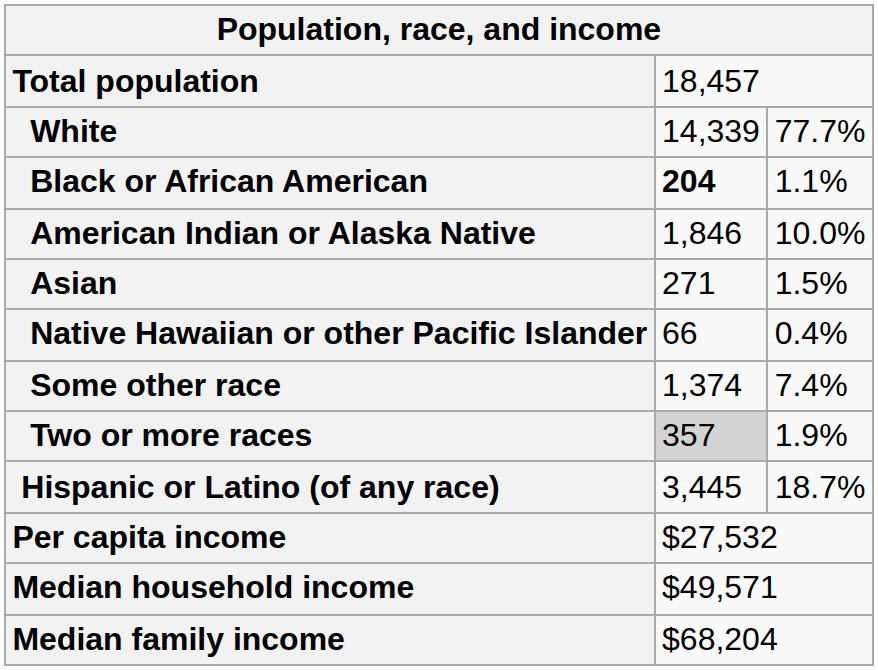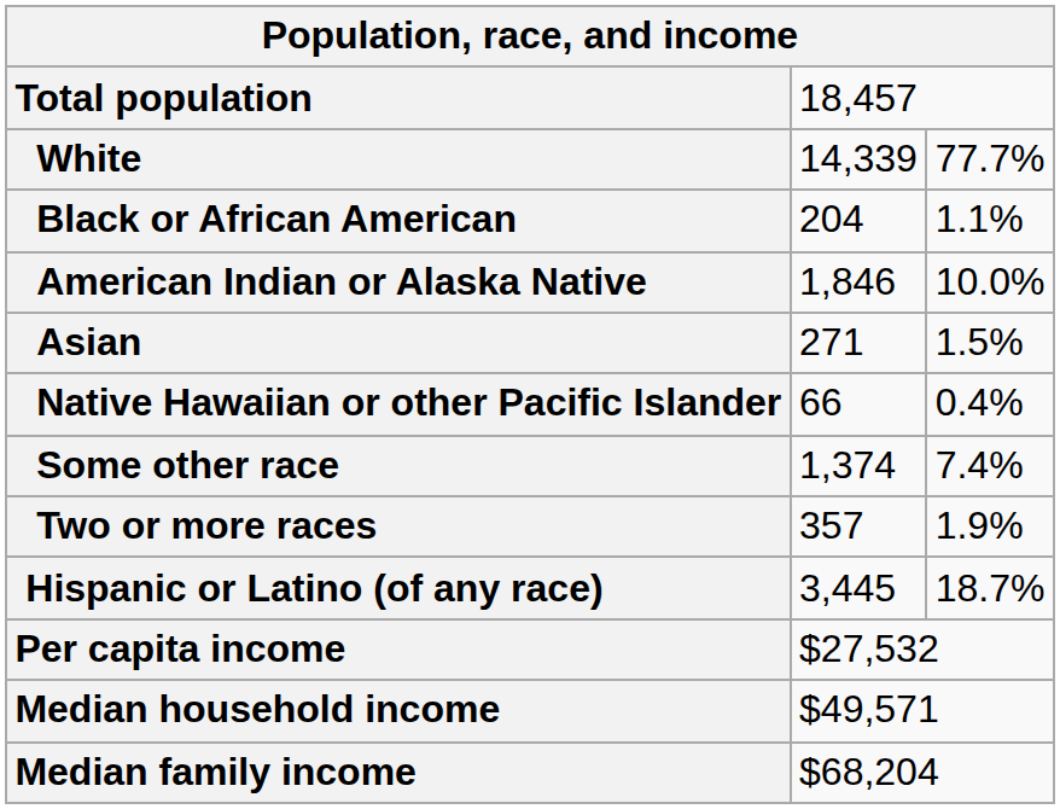 <table class="wikitable collapsible collapsed">
 <tr>
 <th colspan="6">Population, race, and income</th>
 </tr>
 <tr>
 <th scope="row" style="text-align: left;">Total population</th>
 <td colspan="2">18,457</td>
 </tr>
 <tr>
 <th scope="row" style="text-align: left;">  White</th>
 <td>14,339</td>
 <td>77.7%</td>
 </tr>
 <tr>
 <th scope="row" style="text-align: left;">  Black or African American</th>
-<td><strong>204</strong></td>
+<td>204</td>
 <td>1.1%</td>
 </tr>
 <tr>
 <th scope="row" style="text-align: left;">  American Indian or Alaska Native</th>
 <td>1,846</td>
 <td>10.0%</td>
 </tr>
 <tr>
 <th scope="row" style="text-align: left;">  Asian</th>
 <td>271</td>
 <td>1.5%</td>
 </tr>
 <tr>
 <th scope="row" style="text-align: left;">  Native Hawaiian or other Pacific Islander</th>
 <td>66</td>
 <td>0.4%</td>
 </tr>
 <tr>
 <th scope="row" style="text-align: left;">  Some other race</th>
 <td>1,374</td>
 <td>7.4%</td>
 </tr>
 <tr>
 <th scope="row" style="text-align: left;">  Two or more races</th>
-<td style="background: lightgrey;">357</td>
+<td>357</td>
 <td>1.9%</td>
 </tr>
 <tr>
 <th scope="row" style="text-align: left;"> Hispanic or Latino (of any race)</th>
 <td>3,445</td>
 <td>18.7%</td>
 </tr>
 <tr>
 <th scope="row" style="text-align: left;">Per capita income</th>
 <td colspan="2">$27,532</td>
 </tr>
 <tr>
 <th scope="row" style="text-align: left;">Median household income</th>
 <td colspan="2">$49,571</td>
 </tr>
 <tr>
 <th scope="row" style="text-align: left;">Median family income</th>
 <td colspan="2">$68,204</td>
 </tr>
 </table>
